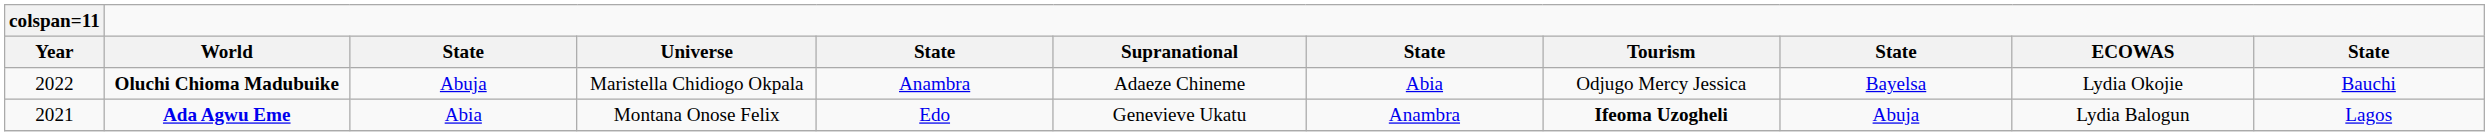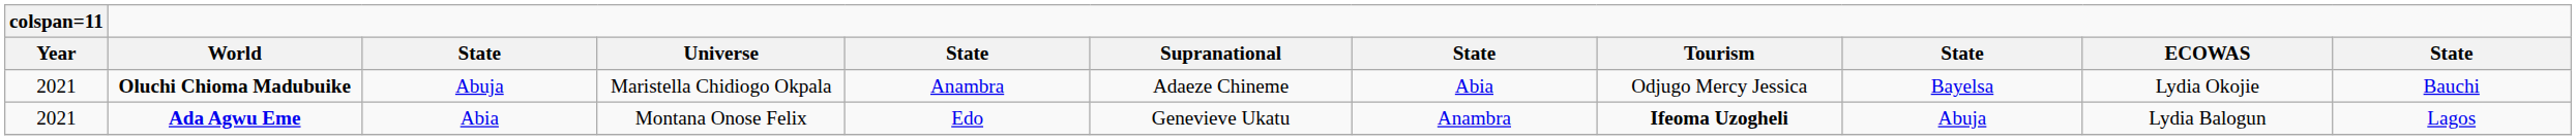 <table class="wikitable sortable" style="font-size: 95%; text-align:center">
 <tr>
 <th>colspan=11 </th>
 </tr>
 <tr>
 <th width="60">Year</th>
 <th width="250">World</th>
 <th width="250">State</th>
 <th width="250">Universe</th>
 <th width="250">State</th>
 <th width="250">Supranational</th>
 <th width="250">State</th>
 <th width="250">Tourism</th>
 <th width="250">State</th>
 <th width="250">ECOWAS</th>
 <th width="250">State</th>
 </tr>
 <tr>
-<td>2022</td>
+<td>2021</td>
 <td><strong>Oluchi Chioma Madubuike</strong></td>
 <td><a href='#'>Abuja</a></td>
 <td>Maristella Chidiogo Okpala</td>
 <td><a href='#'>Anambra</a></td>
 <td>Adaeze Chineme</td>
 <td><a href='#'>Abia</a></td>
 <td>Odjugo Mercy Jessica</td>
 <td><a href='#'>Bayelsa</a></td>
 <td>Lydia Okojie</td>
 <td><a href='#'>Bauchi</a></td>
 </tr>
 <tr>
 <td>2021</td>
 <td><strong><a href='#'>Ada Agwu Eme</a></strong></td>
 <td><a href='#'>Abia</a></td>
 <td>Montana Onose Felix</td>
 <td><a href='#'>Edo</a></td>
 <td>Genevieve Ukatu</td>
 <td><a href='#'>Anambra</a></td>
 <td><strong>Ifeoma Uzogheli</strong></td>
 <td><a href='#'>Abuja</a></td>
 <td>Lydia Balogun</td>
 <td><a href='#'>Lagos</a></td>
 </tr>
 <tr>
 </tr>
 </table>
